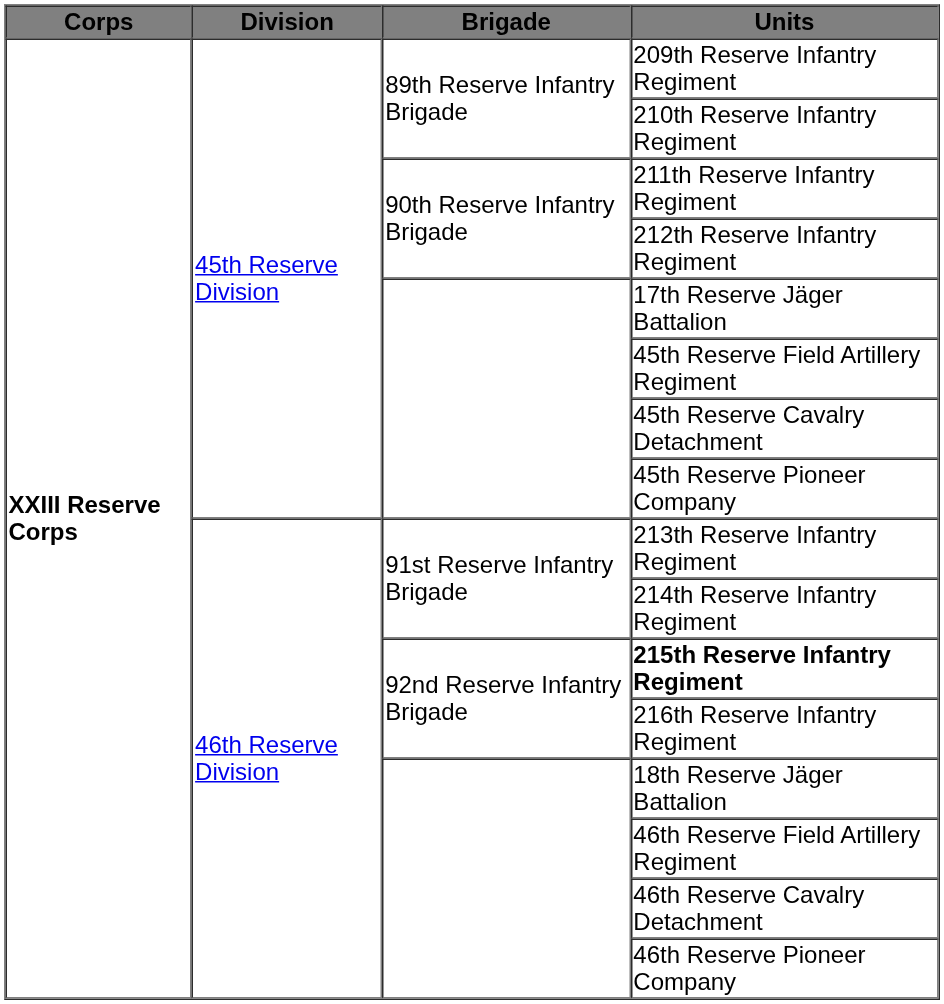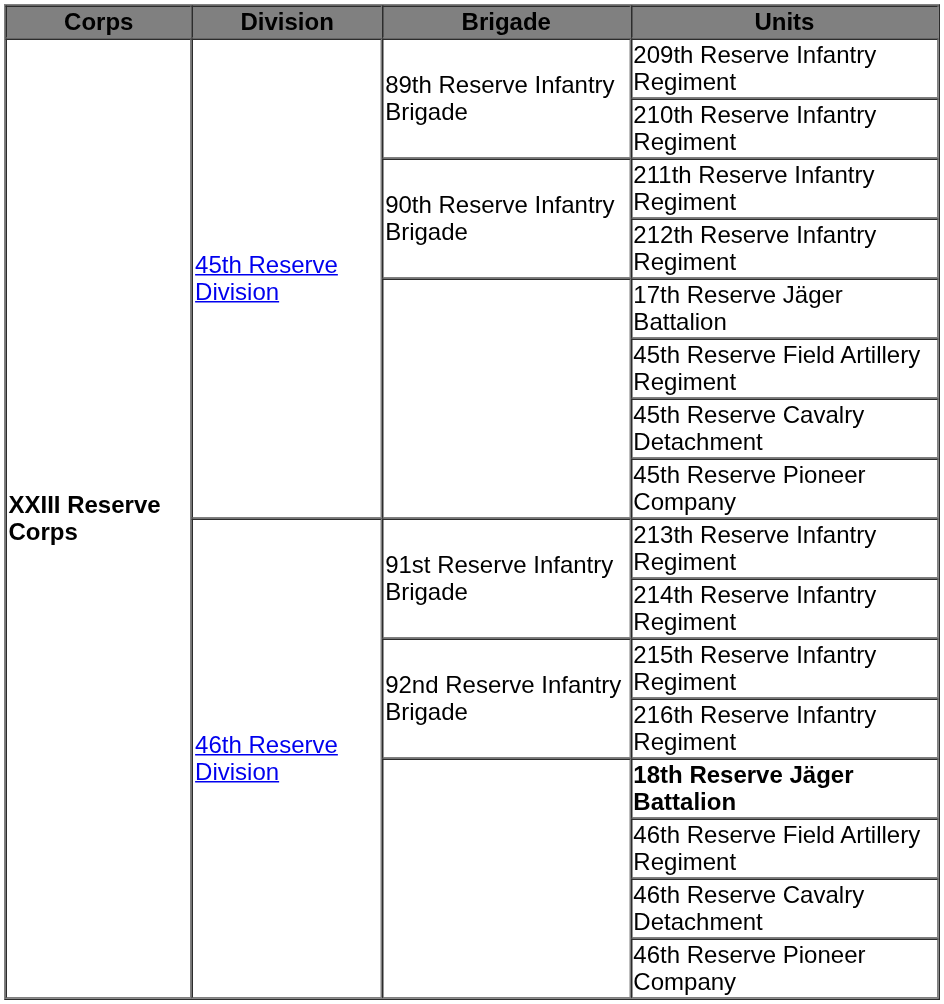 <table style="float: right;" border="1" cellpadding="1" cellspacing="0" style="font-size: 100%; border: gray solid 1px; border-collapse: collapse; text-align: center;">
 <tr style="background-color:grey; color:black;">
 <th>Corps</th>
 <th>Division</th>
 <th>Brigade</th>
 <th>Units</th>
 </tr>
 <tr>
 <td ROWSPAN=16><strong>XXIII Reserve Corps</strong></td>
 <td ROWSPAN=8><a href='#'>45th Reserve Division</a></td>
 <td ROWSPAN=2>89th Reserve Infantry Brigade</td>
 <td>209th Reserve Infantry Regiment</td>
 </tr>
 <tr>
 <td>210th Reserve Infantry Regiment</td>
 </tr>
 <tr>
 <td ROWSPAN=2>90th Reserve Infantry Brigade</td>
 <td>211th Reserve Infantry Regiment</td>
 </tr>
 <tr>
 <td>212th Reserve Infantry Regiment</td>
 </tr>
 <tr>
 <td ROWSPAN=4></td>
 <td>17th Reserve Jäger Battalion</td>
 </tr>
 <tr>
 <td>45th Reserve Field Artillery Regiment</td>
 </tr>
 <tr>
 <td>45th Reserve Cavalry Detachment</td>
 </tr>
 <tr>
 <td>45th Reserve Pioneer Company</td>
 </tr>
 <tr>
 <td ROWSPAN=8><a href='#'>46th Reserve Division</a></td>
 <td ROWSPAN=2>91st Reserve Infantry Brigade</td>
 <td>213th Reserve Infantry Regiment</td>
 </tr>
 <tr>
 <td>214th Reserve Infantry Regiment</td>
 </tr>
 <tr>
 <td ROWSPAN=2>92nd Reserve Infantry Brigade</td>
-<td><strong>215th Reserve Infantry Regiment</strong></td>
+<td>215th Reserve Infantry Regiment</td>
 </tr>
 <tr>
 <td>216th Reserve Infantry Regiment</td>
 </tr>
 <tr>
 <td ROWSPAN=4></td>
-<td>18th Reserve Jäger Battalion</td>
+<td><strong>18th Reserve Jäger Battalion</strong></td>
 </tr>
 <tr>
 <td>46th Reserve Field Artillery Regiment</td>
 </tr>
 <tr>
 <td>46th Reserve Cavalry Detachment</td>
 </tr>
 <tr>
 <td>46th Reserve Pioneer Company</td>
 </tr>
 <tr>
 </tr>
 </table>
